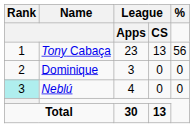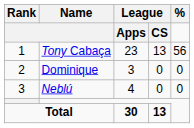 <table class="wikitable" style="text-align:center">
 <tr>
 <th>Rank</th>
 <th>Name</th>
 <th colspan=2>League</th>
 <th>%</th>
 </tr>
 <tr>
 <th colspan=2></th>
 <th>Apps</th>
 <th>CS</th>
 </tr>
 <tr>
 <td>1</td>
 <td align="left"> <a href='#'><em>Tony</em> Cabaça</a></td>
 <td>23</td>
 <td>13</td>
 <td>56</td>
 </tr>
 <tr>
 <td>2</td>
 <td align="left"> <a href='#'>Dominique</a></td>
 <td>3</td>
 <td>0</td>
 <td>0</td>
 </tr>
 <tr>
-<td style="background: paleturquoise;">3</td>
+<td>3</td>
 <td align="left"> <em><a href='#'>Neblú</a></em></td>
 <td>4</td>
 <td>0</td>
 <td>0</td>
 </tr>
 <tr>
 <th></th>
 </tr>
 <tr>
 <td colspan=2><strong>Total</strong></td>
 <td><strong>30</strong></td>
 <td><strong>13</strong></td>
 </tr>
 </table>
